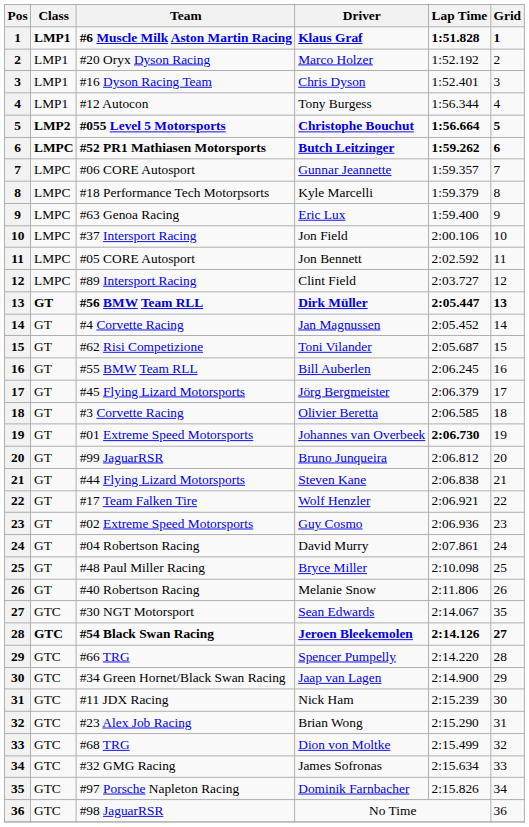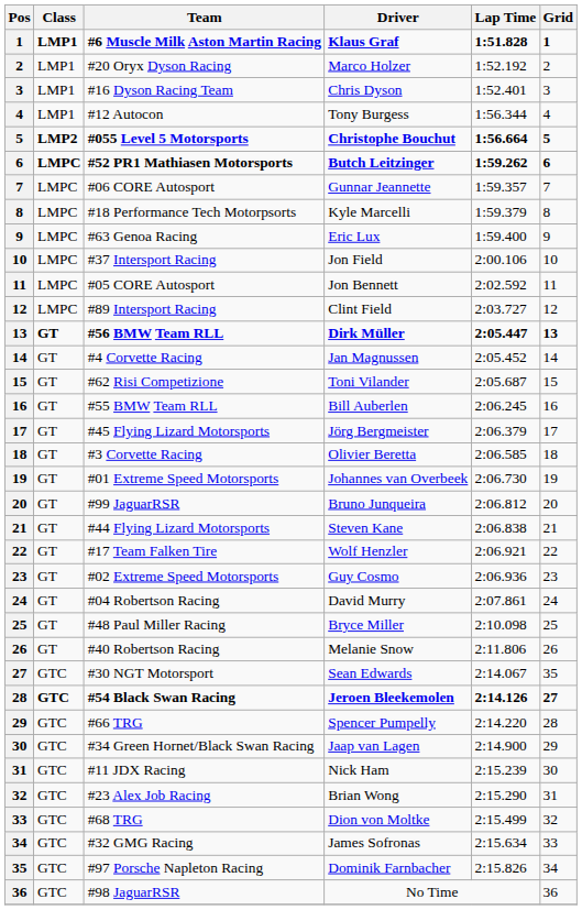 <table class="wikitable" style="font-size: 90%;">
 <tr>
 <th>Pos</th>
 <th>Class</th>
 <th>Team</th>
 <th>Driver</th>
 <th>Lap Time</th>
 <th>Grid</th>
 </tr>
 <tr style="font-weight:bold">
 <th>1</th>
 <td>LMP1</td>
 <td>#6 <a href='#'>Muscle Milk</a> <a href='#'>Aston Martin Racing</a></td>
 <td><a href='#'>Klaus Graf</a></td>
 <td>1:51.828</td>
 <td>1</td>
 </tr>
 <tr>
 <th>2</th>
 <td>LMP1</td>
 <td>#20 Oryx <a href='#'>Dyson Racing</a></td>
 <td><a href='#'>Marco Holzer</a></td>
 <td>1:52.192</td>
 <td>2</td>
 </tr>
 <tr>
 <th>3</th>
 <td>LMP1</td>
 <td>#16 <a href='#'>Dyson Racing Team</a></td>
 <td><a href='#'>Chris Dyson</a></td>
 <td>1:52.401</td>
 <td>3</td>
 </tr>
 <tr>
 <th>4</th>
 <td>LMP1</td>
 <td>#12 Autocon</td>
 <td>Tony Burgess</td>
 <td>1:56.344</td>
 <td>4</td>
 </tr>
 <tr style="font-weight:bold">
 <th>5</th>
 <td>LMP2</td>
 <td>#055 <a href='#'>Level 5 Motorsports</a></td>
 <td><a href='#'>Christophe Bouchut</a></td>
 <td>1:56.664</td>
 <td>5</td>
 </tr>
 <tr style="font-weight:bold">
 <th>6</th>
 <td>LMPC</td>
 <td>#52 PR1 Mathiasen Motorsports</td>
 <td><a href='#'>Butch Leitzinger</a></td>
 <td>1:59.262</td>
 <td>6</td>
 </tr>
 <tr>
 <th>7</th>
 <td>LMPC</td>
 <td>#06 CORE Autosport</td>
 <td><a href='#'>Gunnar Jeannette</a></td>
 <td>1:59.357</td>
 <td>7</td>
 </tr>
 <tr>
 <th>8</th>
 <td>LMPC</td>
 <td>#18 Performance Tech Motorpsorts</td>
 <td>Kyle Marcelli</td>
 <td>1:59.379</td>
 <td>8</td>
 </tr>
 <tr>
 <th>9</th>
 <td>LMPC</td>
 <td>#63 Genoa Racing</td>
 <td><a href='#'>Eric Lux</a></td>
 <td>1:59.400</td>
 <td>9</td>
 </tr>
 <tr>
 <th>10</th>
 <td>LMPC</td>
 <td>#37 <a href='#'>Intersport Racing</a></td>
 <td>Jon Field</td>
 <td>2:00.106</td>
 <td>10</td>
 </tr>
 <tr>
 <th>11</th>
 <td>LMPC</td>
 <td>#05 CORE Autosport</td>
 <td>Jon Bennett</td>
 <td>2:02.592</td>
 <td>11</td>
 </tr>
 <tr>
 <th>12</th>
 <td>LMPC</td>
 <td>#89 <a href='#'>Intersport Racing</a></td>
 <td>Clint Field</td>
 <td>2:03.727</td>
 <td>12</td>
 </tr>
 <tr style="font-weight:bold">
 <th>13</th>
 <td>GT</td>
 <td>#56 <a href='#'>BMW</a> <a href='#'>Team RLL</a></td>
 <td><a href='#'>Dirk Müller</a></td>
 <td>2:05.447</td>
 <td>13</td>
 </tr>
 <tr>
 <th>14</th>
 <td>GT</td>
 <td>#4 <a href='#'>Corvette Racing</a></td>
 <td><a href='#'>Jan Magnussen</a></td>
 <td>2:05.452</td>
 <td>14</td>
 </tr>
 <tr>
 <th>15</th>
 <td>GT</td>
 <td>#62 <a href='#'>Risi Competizione</a></td>
 <td><a href='#'>Toni Vilander</a></td>
 <td>2:05.687</td>
 <td>15</td>
 </tr>
 <tr>
 <th>16</th>
 <td>GT</td>
 <td>#55 <a href='#'>BMW</a> <a href='#'>Team RLL</a></td>
 <td><a href='#'>Bill Auberlen</a></td>
 <td>2:06.245</td>
 <td>16</td>
 </tr>
 <tr>
 <th>17</th>
 <td>GT</td>
 <td>#45 <a href='#'>Flying Lizard Motorsports</a></td>
 <td><a href='#'>Jörg Bergmeister</a></td>
 <td>2:06.379</td>
 <td>17</td>
 </tr>
 <tr>
 <th>18</th>
 <td>GT</td>
 <td>#3 <a href='#'>Corvette Racing</a></td>
 <td><a href='#'>Olivier Beretta</a></td>
 <td>2:06.585</td>
 <td>18</td>
 </tr>
 <tr>
 <th>19</th>
 <td>GT</td>
 <td>#01 <a href='#'>Extreme Speed Motorsports</a></td>
 <td><a href='#'>Johannes van Overbeek</a></td>
-<td><strong>2:06.730</strong></td>
+<td>2:06.730</td>
 <td>19</td>
 </tr>
 <tr>
 <th>20</th>
 <td>GT</td>
 <td>#99 <a href='#'>Jaguar</a><a href='#'>RSR</a></td>
 <td><a href='#'>Bruno Junqueira</a></td>
 <td>2:06.812</td>
 <td>20</td>
 </tr>
 <tr>
 <th>21</th>
 <td>GT</td>
 <td>#44 <a href='#'>Flying Lizard Motorsports</a></td>
 <td><a href='#'>Steven Kane</a></td>
 <td>2:06.838</td>
 <td>21</td>
 </tr>
 <tr>
 <th>22</th>
 <td>GT</td>
 <td>#17 <a href='#'>Team Falken Tire</a></td>
 <td><a href='#'>Wolf Henzler</a></td>
 <td>2:06.921</td>
 <td>22</td>
 </tr>
 <tr>
 <th>23</th>
 <td>GT</td>
 <td>#02 <a href='#'>Extreme Speed Motorsports</a></td>
 <td><a href='#'>Guy Cosmo</a></td>
 <td>2:06.936</td>
 <td>23</td>
 </tr>
 <tr>
 <th>24</th>
 <td>GT</td>
 <td>#04 Robertson Racing</td>
 <td>David Murry</td>
 <td>2:07.861</td>
 <td>24</td>
 </tr>
 <tr>
 <th>25</th>
 <td>GT</td>
 <td>#48 Paul Miller Racing</td>
 <td><a href='#'>Bryce Miller</a></td>
 <td>2:10.098</td>
 <td>25</td>
 </tr>
 <tr>
 <th>26</th>
 <td>GT</td>
 <td>#40 Robertson Racing</td>
 <td>Melanie Snow</td>
 <td>2:11.806</td>
 <td>26</td>
 </tr>
 <tr>
 <th>27</th>
 <td>GTC</td>
 <td>#30 NGT Motorsport</td>
 <td><a href='#'>Sean Edwards</a></td>
 <td>2:14.067</td>
 <td>35</td>
 </tr>
 <tr style="font-weight:bold">
 <th>28</th>
 <td>GTC</td>
 <td>#54 Black Swan Racing</td>
 <td><a href='#'>Jeroen Bleekemolen</a></td>
 <td>2:14.126</td>
 <td>27</td>
 </tr>
 <tr>
 <th>29</th>
 <td>GTC</td>
 <td>#66 <a href='#'>TRG</a></td>
 <td><a href='#'>Spencer Pumpelly</a></td>
 <td>2:14.220</td>
 <td>28</td>
 </tr>
 <tr>
 <th>30</th>
 <td>GTC</td>
 <td>#34 Green Hornet/Black Swan Racing</td>
 <td><a href='#'>Jaap van Lagen</a></td>
 <td>2:14.900</td>
 <td>29</td>
 </tr>
 <tr>
 <th>31</th>
 <td>GTC</td>
 <td>#11 JDX Racing</td>
 <td>Nick Ham</td>
 <td>2:15.239</td>
 <td>30</td>
 </tr>
 <tr>
 <th>32</th>
 <td>GTC</td>
 <td>#23 <a href='#'>Alex Job Racing</a></td>
 <td>Brian Wong</td>
 <td>2:15.290</td>
 <td>31</td>
 </tr>
 <tr>
 <th>33</th>
 <td>GTC</td>
 <td>#68 <a href='#'>TRG</a></td>
 <td><a href='#'>Dion von Moltke</a></td>
 <td>2:15.499</td>
 <td>32</td>
 </tr>
 <tr>
 <th>34</th>
 <td>GTC</td>
 <td>#32 GMG Racing</td>
 <td>James Sofronas</td>
 <td>2:15.634</td>
 <td>33</td>
 </tr>
 <tr>
 <th>35</th>
 <td>GTC</td>
 <td>#97 <a href='#'>Porsche</a> Napleton Racing</td>
 <td><a href='#'>Dominik Farnbacher</a></td>
 <td>2:15.826</td>
 <td>34</td>
 </tr>
 <tr>
 <th>36</th>
 <td>GTC</td>
 <td>#98 <a href='#'>Jaguar</a><a href='#'>RSR</a></td>
 <td colspan=2 align="center">No Time</td>
 <td>36</td>
 </tr>
 <tr>
 </tr>
 </table>
